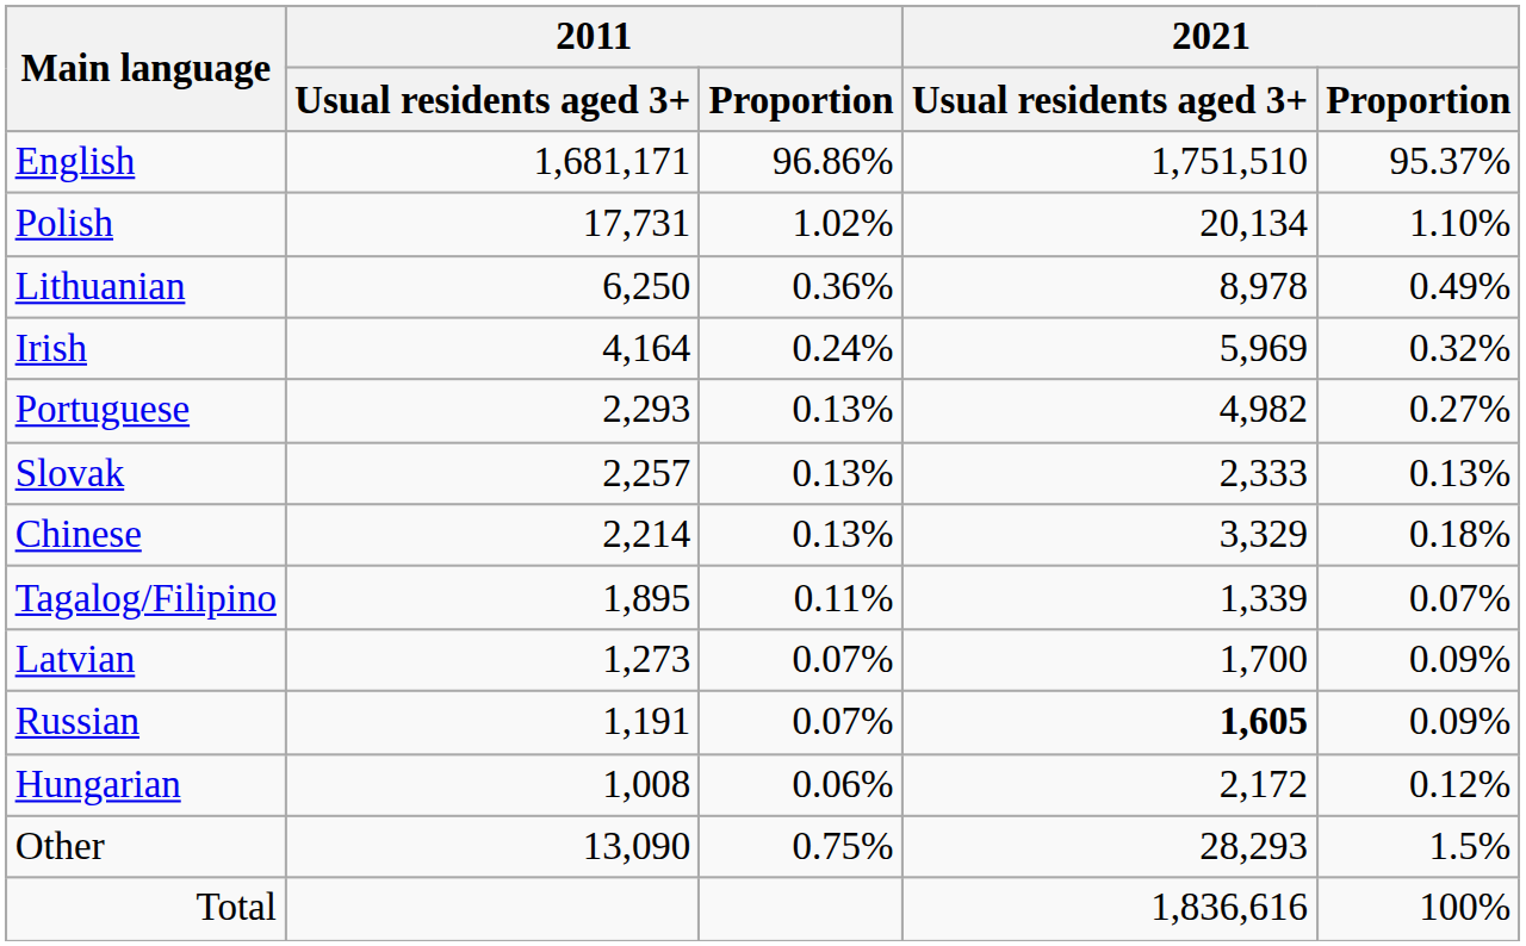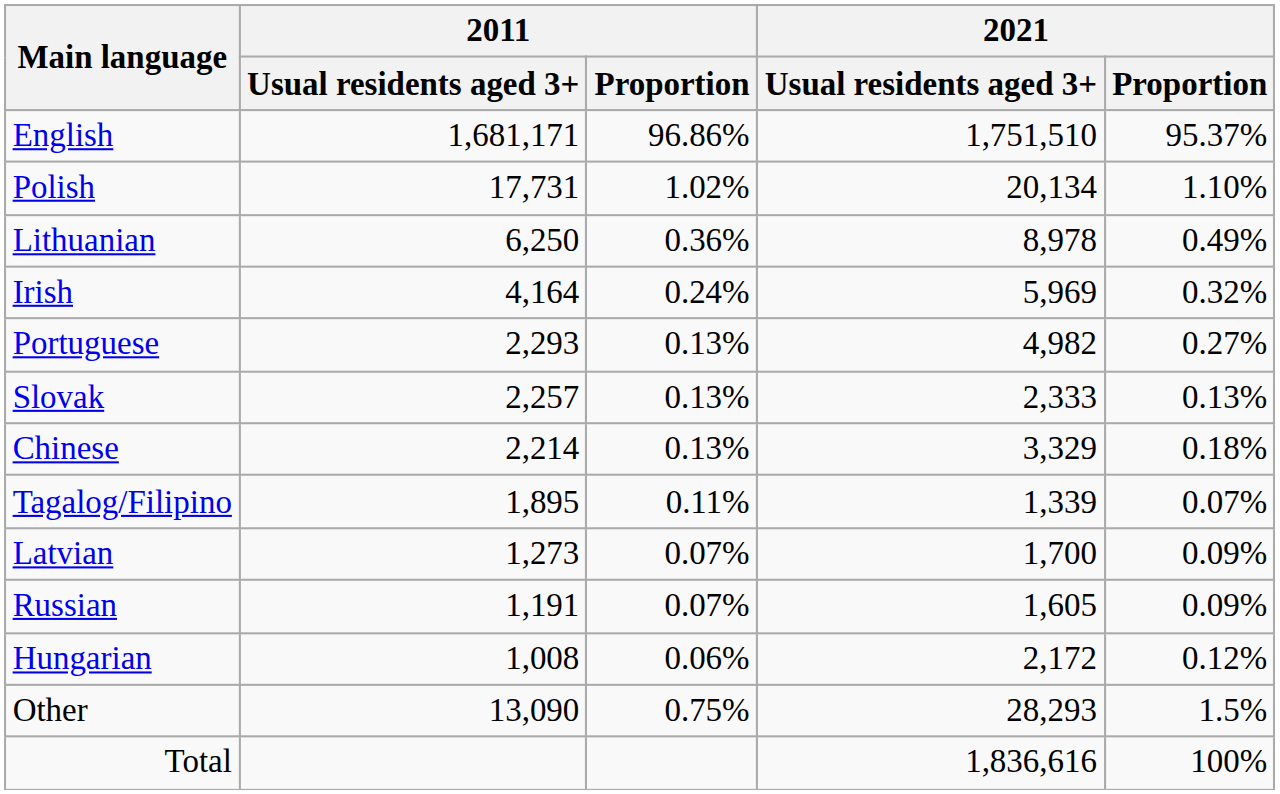 <table class="wikitable sortable" style="text-align:right">
 <tr>
 <th rowspan="2">Main language</th>
 <th colspan="2">2011</th>
 <th colspan="2">2021</th>
 </tr>
 <tr>
 <th>Usual residents aged 3+</th>
 <th>Proportion</th>
 <th>Usual residents aged 3+</th>
 <th>Proportion</th>
 </tr>
 <tr>
 <td style="text-align:left"><a href='#'>English</a></td>
 <td>1,681,171</td>
 <td>96.86%</td>
 <td>1,751,510</td>
 <td>95.37%</td>
 </tr>
 <tr>
 <td style="text-align:left"><a href='#'>Polish</a></td>
 <td>17,731</td>
 <td>1.02%</td>
 <td>20,134</td>
 <td>1.10%</td>
 </tr>
 <tr>
 <td style="text-align:left"><a href='#'>Lithuanian</a></td>
 <td>6,250</td>
 <td>0.36%</td>
 <td>8,978</td>
 <td>0.49%</td>
 </tr>
 <tr>
 <td style="text-align:left"><a href='#'>Irish</a></td>
 <td>4,164</td>
 <td>0.24%</td>
 <td>5,969</td>
 <td>0.32%</td>
 </tr>
 <tr>
 <td style="text-align:left"><a href='#'>Portuguese</a></td>
 <td>2,293</td>
 <td>0.13%</td>
 <td>4,982</td>
 <td>0.27%</td>
 </tr>
 <tr>
 <td style="text-align:left"><a href='#'>Slovak</a></td>
 <td>2,257</td>
 <td>0.13%</td>
 <td>2,333</td>
 <td>0.13%</td>
 </tr>
 <tr>
 <td style="text-align:left"><a href='#'>Chinese</a></td>
 <td>2,214</td>
 <td>0.13%</td>
 <td>3,329</td>
 <td>0.18%</td>
 </tr>
 <tr>
 <td style="text-align:left"><a href='#'>Tagalog/Filipino</a></td>
 <td>1,895</td>
 <td>0.11%</td>
 <td>1,339</td>
 <td>0.07%</td>
 </tr>
 <tr>
 <td style="text-align:left"><a href='#'>Latvian</a></td>
 <td>1,273</td>
 <td>0.07%</td>
 <td>1,700</td>
 <td>0.09%</td>
 </tr>
 <tr>
 <td style="text-align:left"><a href='#'>Russian</a></td>
 <td>1,191</td>
 <td>0.07%</td>
-<td><strong>1,605</strong></td>
+<td>1,605</td>
 <td>0.09%</td>
 </tr>
 <tr>
 <td style="text-align:left"><a href='#'>Hungarian</a></td>
 <td>1,008</td>
 <td>0.06%</td>
 <td>2,172</td>
 <td>0.12%</td>
 </tr>
 <tr>
 <td style="text-align:left">Other</td>
 <td>13,090</td>
 <td>0.75%</td>
 <td>28,293</td>
 <td>1.5%</td>
 </tr>
 <tr>
 <td>Total</td>
 <td></td>
 <td></td>
 <td>1,836,616</td>
 <td>100%</td>
 </tr>
 </table>
